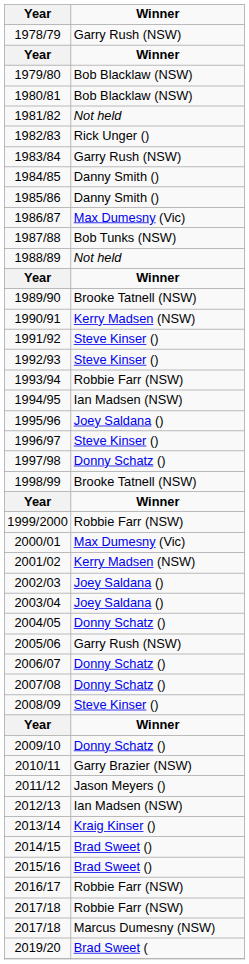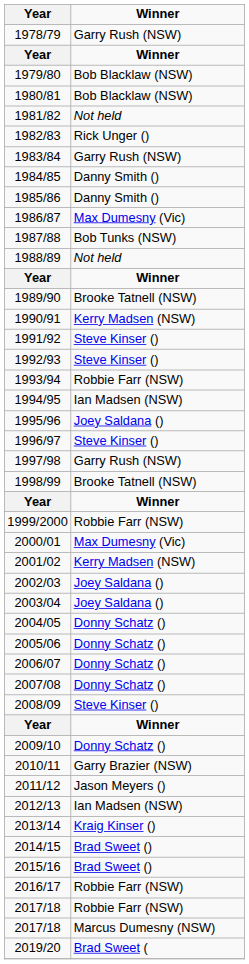 <table class="wikitable">
 <tr align=center>
 <th>Year</th>
 <td width=210px ><strong>Winner</strong></td>
 </tr>
 <tr>
 <td align=center>1978/79</td>
 <td>Garry Rush (NSW)</td>
 </tr>
 <tr align=center>
 <th>Year</th>
 <td width=210px ><strong>Winner</strong></td>
 </tr>
 <tr>
 <td align=center>1979/80</td>
 <td>Bob Blacklaw (NSW)</td>
 </tr>
 <tr>
 <td align=center>1980/81</td>
 <td>Bob Blacklaw (NSW)</td>
 </tr>
 <tr>
 <td align=center>1981/82</td>
 <td><em>Not held</em></td>
 </tr>
 <tr>
 <td align=center>1982/83</td>
 <td>Rick Unger ()</td>
 </tr>
 <tr>
 <td align=center>1983/84</td>
 <td>Garry Rush (NSW)</td>
 </tr>
 <tr>
 <td align=center>1984/85</td>
 <td>Danny Smith ()</td>
 </tr>
 <tr>
 <td align=center>1985/86</td>
 <td>Danny Smith ()</td>
 </tr>
 <tr>
 <td align=center>1986/87</td>
 <td><a href='#'>Max Dumesny</a> (Vic)</td>
 </tr>
 <tr>
 <td align=center>1987/88</td>
 <td>Bob Tunks (NSW)</td>
 </tr>
 <tr>
 <td align=center>1988/89</td>
 <td><em>Not held</em></td>
 </tr>
 <tr align=center>
 <th>Year</th>
 <td width=210px ><strong>Winner</strong></td>
 </tr>
 <tr>
 <td align=center>1989/90</td>
 <td>Brooke Tatnell (NSW)</td>
 </tr>
 <tr>
 <td align=center>1990/91</td>
 <td><a href='#'>Kerry Madsen</a> (NSW)</td>
 </tr>
 <tr>
 <td align=center>1991/92</td>
 <td><a href='#'>Steve Kinser</a> ()</td>
 </tr>
 <tr>
 <td align=center>1992/93</td>
 <td><a href='#'>Steve Kinser</a> ()</td>
 </tr>
 <tr>
 <td align=center>1993/94</td>
 <td>Robbie Farr (NSW)</td>
 </tr>
 <tr>
 <td align=center>1994/95</td>
 <td>Ian Madsen (NSW)</td>
 </tr>
 <tr>
 <td align=center>1995/96</td>
 <td><a href='#'>Joey Saldana</a> ()</td>
 </tr>
 <tr>
 <td align=center>1996/97</td>
 <td><a href='#'>Steve Kinser</a> ()</td>
 </tr>
 <tr>
 <td align=center>1997/98</td>
-<td><a href='#'>Donny Schatz</a> ()</td>
+<td>Garry Rush (NSW)</td>
 </tr>
 <tr>
 <td align=center>1998/99</td>
 <td>Brooke Tatnell (NSW)</td>
 </tr>
 <tr align=center>
 <th>Year</th>
 <td width=210px ><strong>Winner</strong></td>
 </tr>
 <tr>
 <td align=center>1999/2000</td>
 <td>Robbie Farr (NSW)</td>
 </tr>
 <tr>
 <td align=center>2000/01</td>
 <td><a href='#'>Max Dumesny</a> (Vic)</td>
 </tr>
 <tr>
 <td align=center>2001/02</td>
 <td><a href='#'>Kerry Madsen</a> (NSW)</td>
 </tr>
 <tr>
 <td align=center>2002/03</td>
 <td><a href='#'>Joey Saldana</a> ()</td>
 </tr>
 <tr>
 <td align=center>2003/04</td>
 <td><a href='#'>Joey Saldana</a> ()</td>
 </tr>
 <tr>
 <td align=center>2004/05</td>
 <td><a href='#'>Donny Schatz</a> ()</td>
 </tr>
 <tr>
 <td align=center>2005/06</td>
-<td>Garry Rush (NSW)</td>
+<td><a href='#'>Donny Schatz</a> ()</td>
 </tr>
 <tr>
 <td align=center>2006/07</td>
 <td><a href='#'>Donny Schatz</a> ()</td>
 </tr>
 <tr>
 <td align=center>2007/08</td>
 <td><a href='#'>Donny Schatz</a> ()</td>
 </tr>
 <tr>
 <td align=center>2008/09</td>
 <td><a href='#'>Steve Kinser</a> ()</td>
 </tr>
 <tr align=center>
 <th>Year</th>
 <td width=210px ><strong>Winner</strong></td>
 </tr>
 <tr>
 <td align=center>2009/10</td>
 <td><a href='#'>Donny Schatz</a> ()</td>
 </tr>
 <tr>
 <td align=center>2010/11</td>
 <td>Garry Brazier (NSW)</td>
 </tr>
 <tr>
 <td align=center>2011/12</td>
 <td>Jason Meyers ()</td>
 </tr>
 <tr>
 <td align=center>2012/13</td>
 <td>Ian Madsen (NSW)</td>
 </tr>
 <tr>
 <td align=center>2013/14</td>
 <td><a href='#'>Kraig Kinser</a> ()</td>
 </tr>
 <tr>
 <td align=center>2014/15</td>
 <td><a href='#'>Brad Sweet</a> ()</td>
 </tr>
 <tr>
 <td align=center>2015/16</td>
 <td><a href='#'>Brad Sweet</a> ()</td>
 </tr>
 <tr>
 <td align=center>2016/17</td>
 <td>Robbie Farr (NSW)</td>
 </tr>
 <tr>
 <td align=center>2017/18</td>
 <td>Robbie Farr (NSW)</td>
 </tr>
 <tr>
 <td align=center>2017/18</td>
 <td>Marcus Dumesny (NSW)</td>
 </tr>
 <tr>
 <td align=center>2019/20</td>
 <td><a href='#'>Brad Sweet</a> (</td>
 </tr>
 <tr>
 </tr>
 </table>
